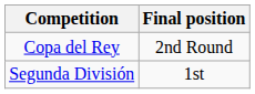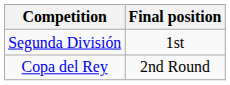 <table class="wikitable" style="font-size:100%; text-align:center">
 <tr>
 <th>Competition</th>
 <th>Final position</th>
 </tr>
 <tr style="background:">
+<td><a href='#'>Segunda División</a></td>
+<td>1st</td>
+</tr>
+<tr style="background:">
 <td><a href='#'>Copa del Rey</a></td>
 <td>2nd Round</td>
 </tr>
-<tr style="background:">
-<td><a href='#'>Segunda División</a></td>
-<td>1st</td>
-</tr>
 </table>
